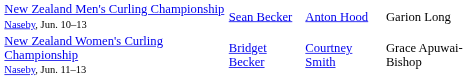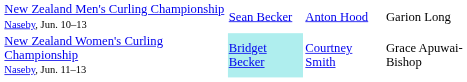 <table>
 <tr>
 <td><a href='#'>New Zealand Men's Curling Championship</a><br> <small><a href='#'>Naseby</a>, Jun. 10–13</small></td>
 <td><a href='#'>Sean Becker</a></td>
 <td><a href='#'>Anton Hood</a></td>
 <td>Garion Long</td>
 </tr>
 <tr>
 <td><a href='#'>New Zealand Women's Curling Championship</a> <br> <small><a href='#'>Naseby</a>, Jun. 11–13</small></td>
-<td><a href='#'>Bridget Becker</a></td>
+<td style="background: paleturquoise;"><a href='#'>Bridget Becker</a></td>
 <td><a href='#'>Courtney Smith</a></td>
 <td>Grace Apuwai-Bishop</td>
 </tr>
 </table>
